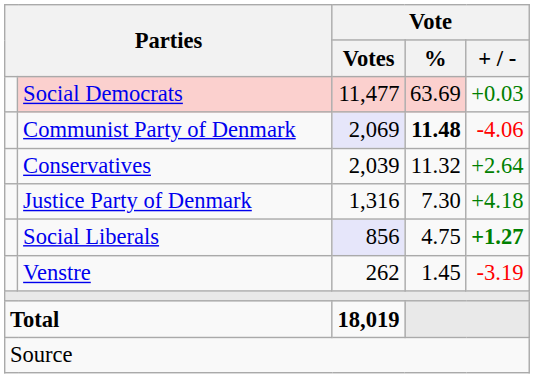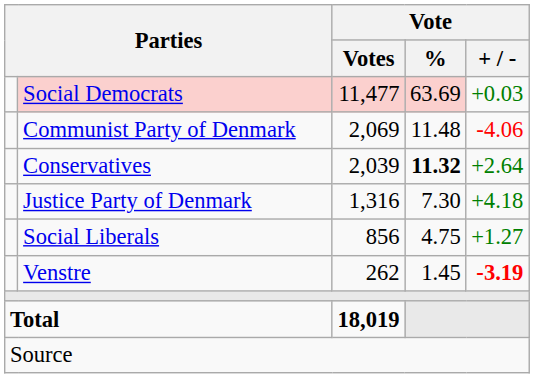 <table class="wikitable" style="text-align:right;">
 <tr>
 <th style="text-align:centre;" rowspan="2" colspan="2" width="225">Parties</th>
 <th colspan="3">Vote</th>
 </tr>
 <tr>
 <th width="15">Votes</th>
 <th width="15">%</th>
 <th width="15">+ / -</th>
 </tr>
 <tr>
 <td width="2" style="color:inherit;background:"></td>
 <td bgcolor=#fbd0ce  align="left"><a href='#'>Social Democrats</a></td>
 <td bgcolor=#fbd0ce>11,477</td>
 <td bgcolor=#fbd0ce>63.69</td>
 <td style=color:green;>+0.03</td>
 </tr>
 <tr>
 <td width="2" style="color:inherit;background:"></td>
 <td align="left"><a href='#'>Communist Party of Denmark</a></td>
-<td style="background: lavender;">2,069</td>
-<td><strong>11.48</strong></td>
+<td>2,069</td>
+<td>11.48</td>
 <td style=color:red;>-4.06</td>
 </tr>
 <tr>
 <td width="2" style="color:inherit;background:"></td>
 <td align="left"><a href='#'>Conservatives</a></td>
 <td>2,039</td>
-<td>11.32</td>
+<td><strong>11.32</strong></td>
 <td style=color:green;>+2.64</td>
 </tr>
 <tr>
 <td width="2" style="color:inherit;background:"></td>
 <td align="left"><a href='#'>Justice Party of Denmark</a></td>
 <td>1,316</td>
 <td>7.30</td>
 <td style=color:green;>+4.18</td>
 </tr>
 <tr>
 <td width="2" style="color:inherit;background:"></td>
 <td align="left"><a href='#'>Social Liberals</a></td>
-<td style="background: lavender;">856</td>
+<td>856</td>
 <td>4.75</td>
-<td style=color:green;><strong>+1.27</strong></td>
+<td style=color:green;>+1.27</td>
 </tr>
 <tr>
 <td width="2" style="color:inherit;background:"></td>
 <td align="left"><a href='#'>Venstre</a></td>
 <td>262</td>
 <td>1.45</td>
-<td style=color:red;>-3.19</td>
+<td style=color:red;><strong>-3.19</strong></td>
 </tr>
 <tr>
 <td colspan="7" bgcolor="#E9E9E9"></td>
 </tr>
 <tr>
 <td align="left" colspan="2"><strong>Total</strong></td>
 <td><strong>18,019</strong></td>
 <td bgcolor="#E9E9E9" colspan="2"></td>
 </tr>
 <tr>
 <td align="left" colspan="6">Source</td>
 </tr>
 </table>
